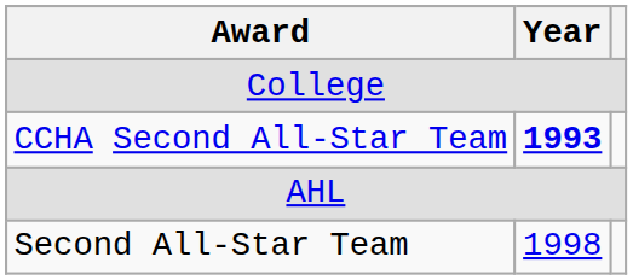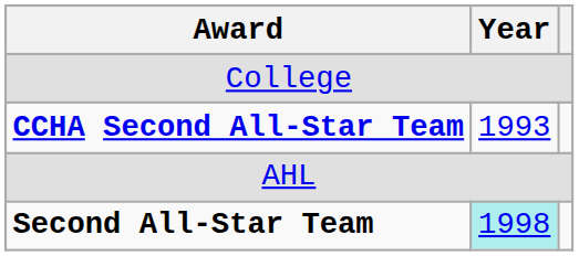 <table class="wikitable">
 <tr>
 <th>Award</th>
 <th>Year</th>
 <th></th>
 </tr>
 <tr ALIGN="center" bgcolor="#e0e0e0">
 <td colspan="3"><a href='#'>College</a></td>
 </tr>
 <tr>
-<td><a href='#'>CCHA</a> <a href='#'>Second All-Star Team</a></td>
-<td><strong><a href='#'>1993</a></strong></td>
+<td><strong><a href='#'>CCHA</a> <a href='#'>Second All-Star Team</a></strong></td>
+<td><a href='#'>1993</a></td>
 <td></td>
 </tr>
 <tr ALIGN="center" bgcolor="#e0e0e0">
 <td colspan="3"><a href='#'>AHL</a></td>
 </tr>
 <tr>
-<td>Second All-Star Team</td>
-<td><a href='#'>1998</a></td>
+<td><strong>Second All-Star Team</strong></td>
+<td style="background: paleturquoise;"><a href='#'>1998</a></td>
 <td></td>
 </tr>
 </table>
